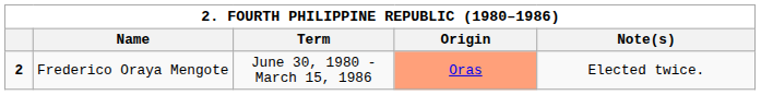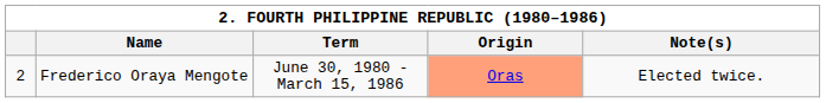 <table class="wikitable collapsible collapsed" style="vertical-align:top;text-align:center;font-size:95%;">
 <tr>
 <th style="background-color:white;font-size:105%;width:51em;" colspan=5>2. FOURTH PHILIPPINE REPUBLIC (1980–1986)</th>
 </tr>
 <tr>
 <th style="width: 1em;text-align:center"></th>
 <th style="width: 10em;text-align:center">Name</th>
 <th style="width: 8em;text-align:center">Term</th>
 <th style="width: 7em;text-align:center">Origin</th>
 <th style="width: 11em;text-align:center">Note(s)</th>
 </tr>
 <tr>
-<td><strong>2</strong></td>
+<td>2</td>
 <td>Frederico Oraya Mengote</td>
 <td>June 30, 1980 - March 15, 1986</td>
 <td style="background: lightsalmon;"><a href='#'>Oras</a></td>
 <td>Elected twice.</td>
 </tr>
 </table>
